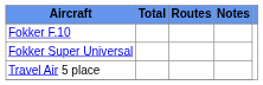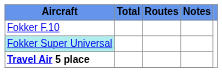 <table class="toccolours sortable" border="1" cellpadding="3" style="margin:1em auto; border-collapse:collapse">
 <tr bgcolor=#6495ED>
 <th>Aircraft</th>
 <th>Total</th>
 <th>Routes</th>
 <th>Notes</th>
 <th></th>
 </tr>
 <tr>
 <td><a href='#'>Fokker F.10</a></td>
 <td></td>
 <td></td>
 <td></td>
 </tr>
 <tr>
-<td><a href='#'>Fokker Super Universal</a></td>
+<td style="background: paleturquoise;"><a href='#'>Fokker Super Universal</a></td>
 <td></td>
 <td></td>
 <td></td>
 </tr>
 <tr>
-<td><a href='#'>Travel Air</a> 5 place</td>
+<td><strong><a href='#'>Travel Air</a> 5 place</strong></td>
 <td></td>
 <td></td>
 <td></td>
 </tr>
 <tr>
 </tr>
 </table>
